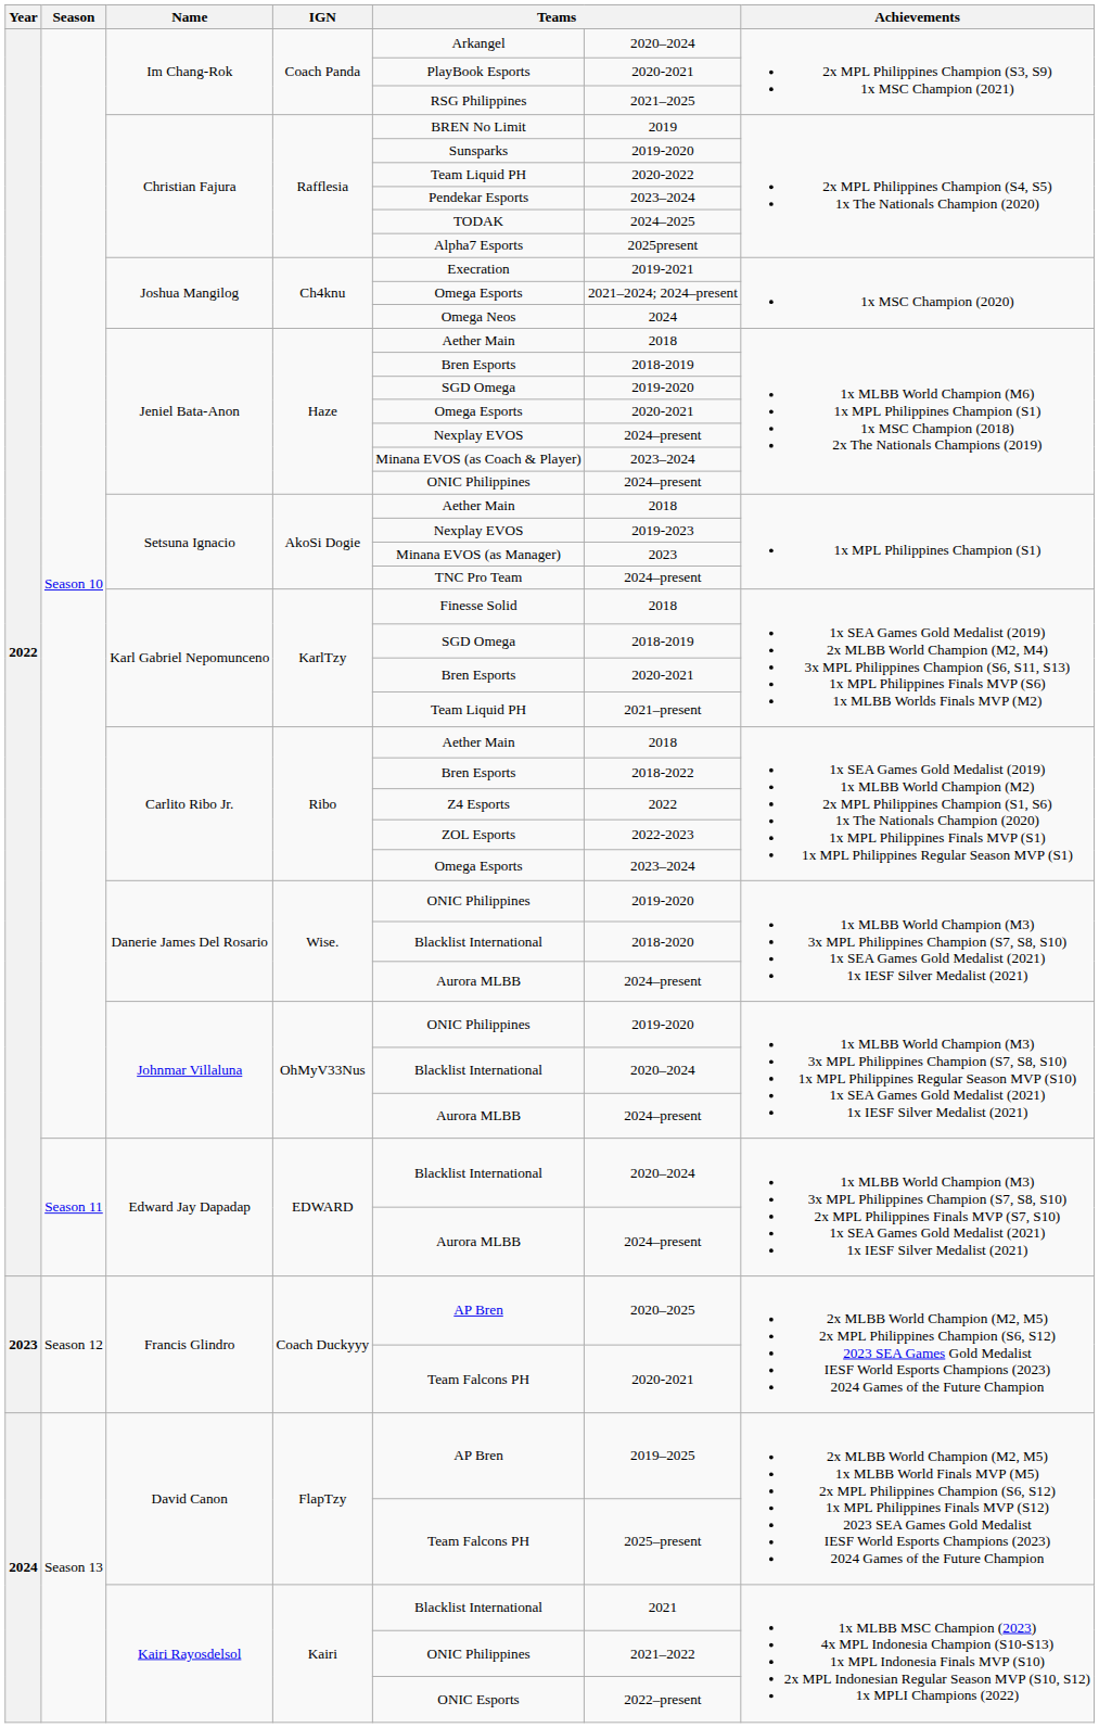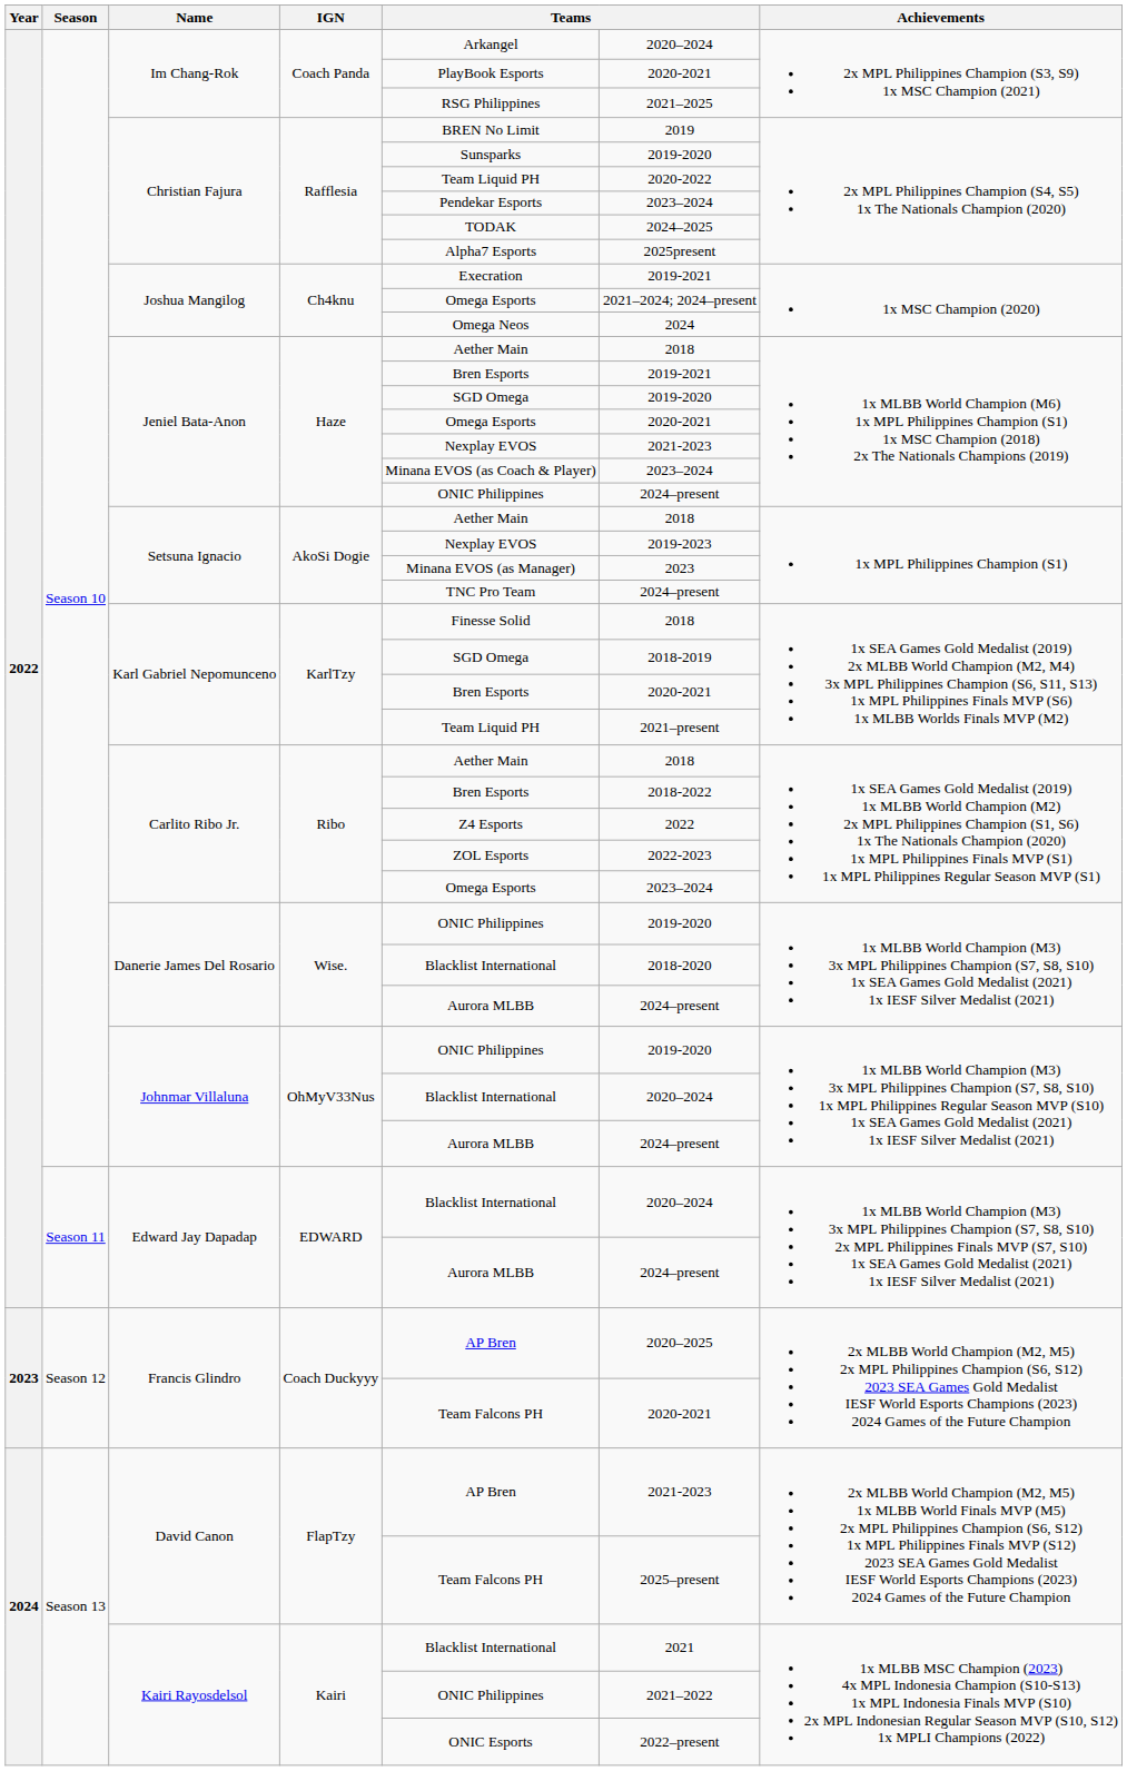 <table class="wikitable mw-collapsible" style="text-align:center; margin-left:auto; margin-right: auto; font-size:90%;">
 <tr>
 <th>Year</th>
 <th>Season</th>
 <th>Name</th>
 <th>IGN</th>
 <th colspan="2">Teams</th>
 <th>Achievements</th>
 </tr>
 <tr>
 <th rowspan="40">2022</th>
 <td rowspan="38"><a href='#'>Season 10</a></td>
 <td rowspan="3">Im Chang-Rok</td>
 <td rowspan="3">Coach Panda</td>
 <td>Arkangel</td>
 <td>2020–2024</td>
 <td rowspan="3"><br><ul><li>2x MPL Philippines Champion (S3, S9)</li><li>1x MSC Champion (2021)</li></ul></td>
 </tr>
 <tr>
 <td>PlayBook Esports</td>
 <td>2020-2021</td>
 </tr>
 <tr>
 <td>RSG Philippines</td>
 <td>2021–2025</td>
 </tr>
 <tr>
 <td rowspan="6">Christian Fajura</td>
 <td rowspan="6">Rafflesia</td>
 <td>BREN No Limit</td>
 <td>2019</td>
 <td rowspan="6"><br><ul><li>2x MPL Philippines Champion (S4, S5)</li><li>1x The Nationals Champion (2020)</li></ul></td>
 </tr>
 <tr>
 <td>Sunsparks</td>
 <td>2019-2020</td>
 </tr>
 <tr>
 <td>Team Liquid PH</td>
 <td>2020-2022</td>
 </tr>
 <tr>
 <td>Pendekar Esports</td>
 <td>2023–2024</td>
 </tr>
 <tr>
 <td>TODAK</td>
 <td>2024–2025</td>
 </tr>
 <tr>
 <td>Alpha7 Esports</td>
 <td>2025present</td>
 </tr>
 <tr>
 <td rowspan="3">Joshua Mangilog</td>
 <td rowspan="3">Ch4knu</td>
 <td>Execration</td>
 <td>2019-2021</td>
 <td rowspan="3"><br><ul><li>1x MSC Champion (2020)</li></ul></td>
 </tr>
 <tr>
 <td>Omega Esports</td>
 <td>2021–2024; 2024–present</td>
 </tr>
 <tr>
 <td>Omega Neos</td>
 <td>2024</td>
 </tr>
 <tr>
 <td rowspan="7">Jeniel Bata-Anon</td>
 <td rowspan="7">Haze</td>
 <td>Aether Main</td>
 <td>2018</td>
 <td rowspan="7"><br><ul><li>1x MLBB World Champion (M6)</li><li>1x MPL Philippines Champion (S1)</li><li>1x MSC Champion (2018)</li><li>2x The Nationals Champions (2019)</li></ul></td>
 </tr>
 <tr>
 <td>Bren Esports</td>
-<td>2018-2019</td>
+<td>2019-2021</td>
 </tr>
 <tr>
 <td>SGD Omega</td>
 <td>2019-2020</td>
 </tr>
 <tr>
 <td>Omega Esports</td>
 <td>2020-2021</td>
 </tr>
 <tr>
 <td>Nexplay EVOS</td>
-<td>2024–present</td>
+<td>2021-2023</td>
 </tr>
 <tr>
 <td>Minana EVOS (as Coach & Player)</td>
 <td>2023–2024</td>
 </tr>
 <tr>
 <td>ONIC Philippines</td>
 <td>2024–present</td>
 </tr>
 <tr>
 <td rowspan="4">Setsuna Ignacio</td>
 <td rowspan="4">AkoSi Dogie</td>
 <td>Aether Main</td>
 <td>2018</td>
 <td rowspan="4"><br><ul><li>1x MPL Philippines Champion (S1)</li></ul></td>
 </tr>
 <tr>
 <td>Nexplay EVOS</td>
 <td>2019-2023</td>
 </tr>
 <tr>
 <td>Minana EVOS (as Manager)</td>
 <td>2023</td>
 </tr>
 <tr>
 <td>TNC Pro Team</td>
 <td>2024–present</td>
 </tr>
 <tr>
 <td rowspan="4">Karl Gabriel Nepomunceno</td>
 <td rowspan="4">KarlTzy</td>
 <td>Finesse Solid</td>
 <td>2018</td>
 <td rowspan="4"><br><ul><li>1x SEA Games Gold Medalist (2019)</li><li>2x MLBB World Champion (M2, M4)</li><li>3x MPL Philippines Champion (S6, S11, S13)</li><li>1x MPL Philippines Finals MVP (S6)</li><li>1x MLBB Worlds Finals MVP (M2)</li></ul></td>
 </tr>
 <tr>
 <td>SGD Omega</td>
 <td>2018-2019</td>
 </tr>
 <tr>
 <td>Bren Esports</td>
 <td>2020-2021</td>
 </tr>
 <tr>
 <td>Team Liquid PH</td>
 <td>2021–present</td>
 </tr>
 <tr>
 <td rowspan="5">Carlito Ribo Jr.</td>
 <td rowspan="5">Ribo</td>
 <td>Aether Main</td>
 <td>2018</td>
 <td rowspan="5"><br><ul><li>1x SEA Games Gold Medalist (2019)</li><li>1x MLBB World Champion (M2)</li><li>2x MPL Philippines Champion (S1, S6)</li><li>1x The Nationals Champion (2020)</li><li>1x MPL Philippines Finals MVP (S1)</li><li>1x MPL Philippines Regular Season MVP (S1)</li></ul></td>
 </tr>
 <tr>
 <td>Bren Esports</td>
 <td>2018-2022</td>
 </tr>
 <tr>
 <td>Z4 Esports</td>
 <td>2022</td>
 </tr>
 <tr>
 <td>ZOL Esports</td>
 <td>2022-2023</td>
 </tr>
 <tr>
 <td>Omega Esports</td>
 <td>2023–2024</td>
 </tr>
 <tr>
 <td rowspan="3">Danerie James Del Rosario</td>
 <td rowspan="3">Wise.</td>
 <td>ONIC Philippines</td>
 <td>2019-2020</td>
 <td rowspan="3"><br><ul><li>1x MLBB World Champion (M3)</li><li>3x MPL Philippines Champion (S7, S8, S10)</li><li>1x SEA Games Gold Medalist (2021)</li><li>1x IESF Silver Medalist (2021)</li></ul></td>
 </tr>
 <tr>
 <td>Blacklist International</td>
 <td>2018-2020</td>
 </tr>
 <tr>
 <td>Aurora MLBB</td>
 <td>2024–present</td>
 </tr>
 <tr>
 <td rowspan="3"><a href='#'>Johnmar Villaluna</a></td>
 <td rowspan="3">OhMyV33Nus</td>
 <td>ONIC Philippines</td>
 <td>2019-2020</td>
 <td rowspan="3"><br><ul><li>1x MLBB World Champion (M3)</li><li>3x MPL Philippines Champion (S7, S8, S10)</li><li>1x MPL Philippines Regular Season MVP (S10)</li><li>1x SEA Games Gold Medalist (2021)</li><li>1x IESF Silver Medalist (2021)</li></ul></td>
 </tr>
 <tr>
 <td>Blacklist International</td>
 <td>2020–2024</td>
 </tr>
 <tr>
 <td>Aurora MLBB</td>
 <td>2024–present</td>
 </tr>
 <tr>
 <td rowspan="2"><a href='#'>Season 11</a></td>
 <td rowspan="2">Edward Jay Dapadap</td>
 <td rowspan="2">EDWARD</td>
 <td>Blacklist International</td>
 <td>2020–2024</td>
 <td rowspan="2"><br><ul><li>1x MLBB World Champion (M3)</li><li>3x MPL Philippines Champion (S7, S8, S10)</li><li>2x MPL Philippines Finals MVP (S7, S10)</li><li>1x SEA Games Gold Medalist (2021)</li><li>1x IESF Silver Medalist (2021)</li></ul></td>
 </tr>
 <tr>
 <td>Aurora MLBB</td>
 <td>2024–present</td>
 </tr>
 <tr>
 <th rowspan="2">2023</th>
 <td rowspan="2">Season 12</td>
 <td rowspan="2">Francis Glindro</td>
 <td rowspan="2">Coach Duckyyy</td>
 <td><a href='#'>AP Bren</a></td>
 <td>2020–2025</td>
 <td rowspan="2"><br><ul><li>2x MLBB World Champion (M2, M5)</li><li>2x MPL Philippines Champion (S6, S12)</li><li><a href='#'>2023 SEA Games</a> Gold Medalist</li><li>IESF World Esports Champions (2023)</li><li>2024 Games of the Future Champion</li></ul></td>
 </tr>
 <tr>
 <td>Team Falcons PH</td>
 <td>2020-2021</td>
 </tr>
 <tr>
 <th rowspan="5">2024</th>
 <td rowspan="5">Season 13</td>
 <td rowspan="2">David Canon</td>
 <td rowspan="2">FlapTzy</td>
 <td>AP Bren</td>
-<td>2019–2025</td>
+<td>2021-2023</td>
 <td rowspan="2"><br><ul><li>2x MLBB World Champion (M2, M5)</li><li>1x MLBB World Finals MVP (M5)</li><li>2x MPL Philippines Champion (S6, S12)</li><li>1x MPL Philippines Finals MVP (S12)</li><li>2023 SEA Games Gold Medalist</li><li>IESF World Esports Champions (2023)</li><li>2024 Games of the Future Champion</li></ul></td>
 </tr>
 <tr>
 <td>Team Falcons PH</td>
 <td>2025–present</td>
 </tr>
 <tr>
 <td rowspan="3"><a href='#'>Kairi Rayosdelsol</a></td>
 <td rowspan="3">Kairi</td>
 <td>Blacklist International</td>
 <td>2021</td>
 <td rowspan="3"><br><ul><li>1x MLBB MSC Champion (<a href='#'>2023</a>)</li><li>4x MPL Indonesia Champion (S10-S13)</li><li>1x MPL Indonesia Finals MVP (S10)</li><li>2x MPL Indonesian Regular Season MVP (S10, S12)</li><li>1x MPLI Champions (2022)</li></ul></td>
 </tr>
 <tr>
 <td>ONIC Philippines</td>
 <td>2021–2022</td>
 </tr>
 <tr>
 <td>ONIC Esports</td>
 <td>2022–present</td>
 </tr>
 </table>
